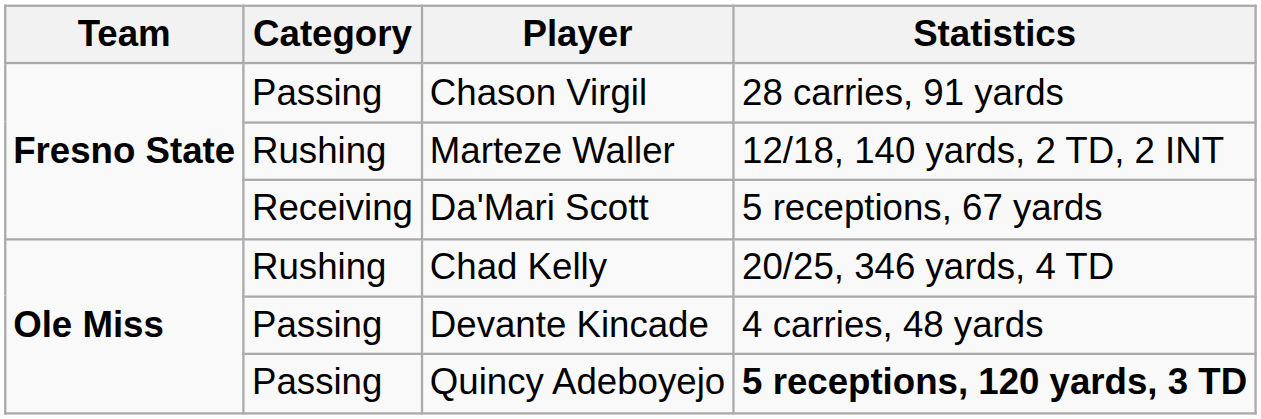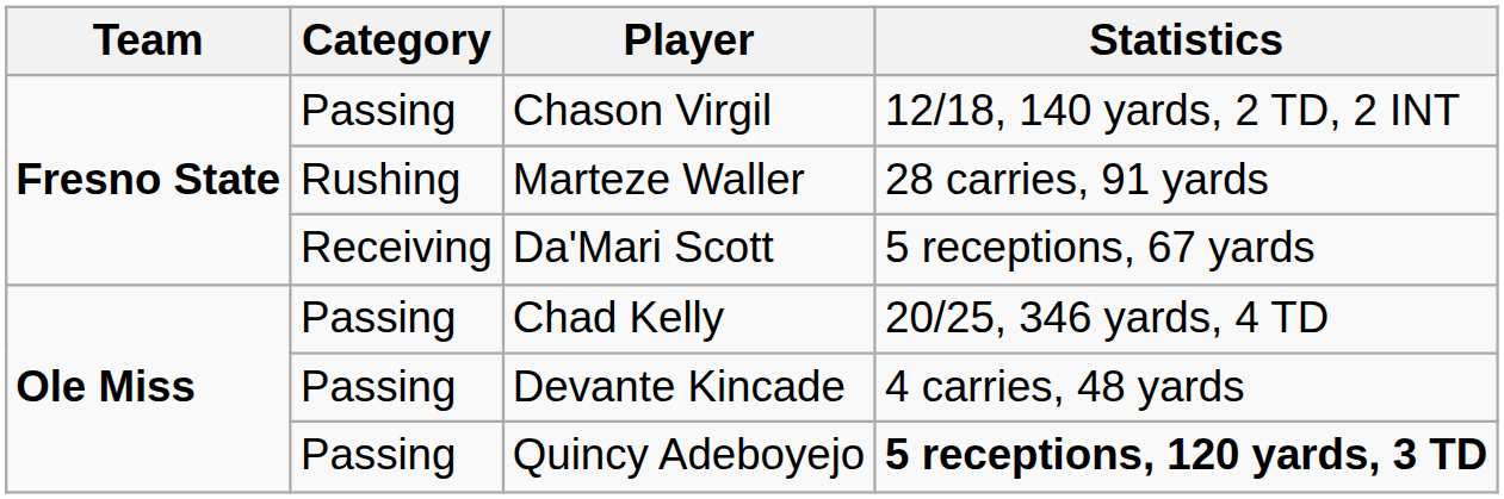 <table class="wikitable" style="float: right;">
 <tr>
 <th>Team</th>
 <th>Category</th>
 <th>Player</th>
 <th>Statistics</th>
 </tr>
 <tr>
 <td rowspan=3><strong>Fresno State</strong></td>
 <td>Passing</td>
 <td>Chason Virgil</td>
-<td>28 carries, 91 yards</td>
+<td>12/18, 140 yards, 2 TD, 2 INT</td>
 </tr>
 <tr>
 <td>Rushing</td>
 <td>Marteze Waller</td>
-<td>12/18, 140 yards, 2 TD, 2 INT</td>
+<td>28 carries, 91 yards</td>
 </tr>
 <tr>
 <td>Receiving</td>
 <td>Da'Mari Scott</td>
 <td>5 receptions, 67 yards</td>
 </tr>
 <tr>
 <td rowspan=3><strong>Ole Miss</strong></td>
-<td>Rushing</td>
+<td>Passing</td>
 <td>Chad Kelly</td>
 <td>20/25, 346 yards, 4 TD</td>
 </tr>
 <tr>
 <td>Passing</td>
 <td>Devante Kincade</td>
 <td>4 carries, 48 yards</td>
 </tr>
 <tr>
 <td>Passing</td>
 <td>Quincy Adeboyejo</td>
 <td><strong>5 receptions, 120 yards, 3 TD</strong></td>
 </tr>
 </table>
